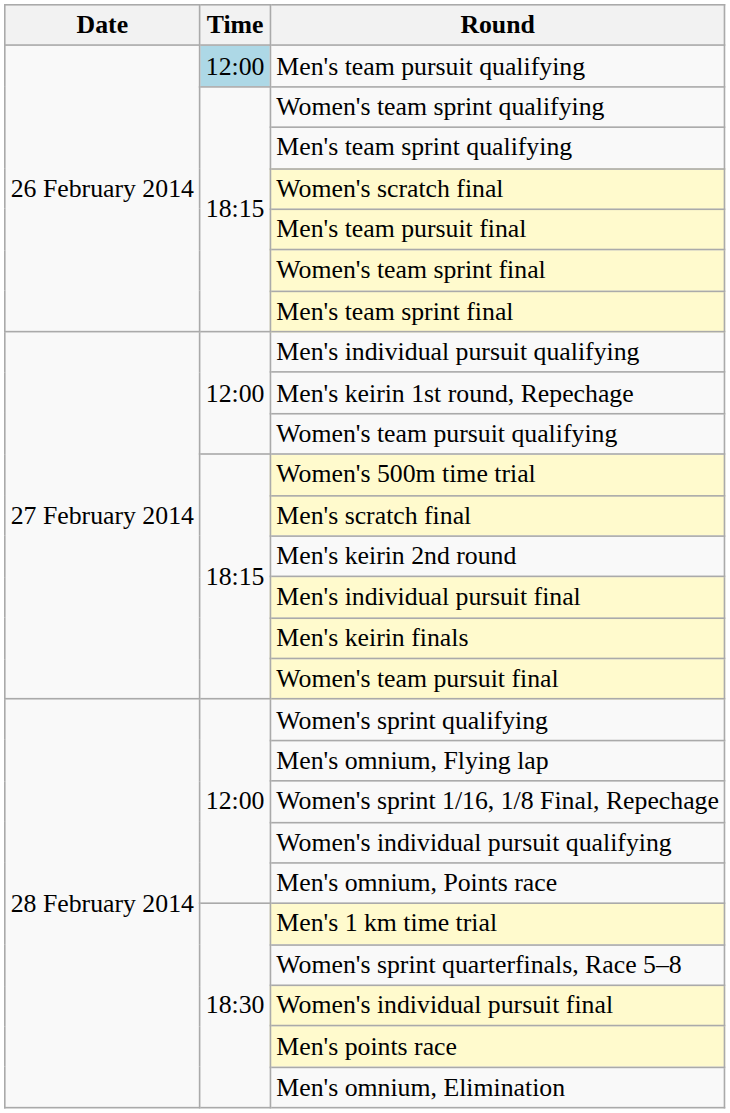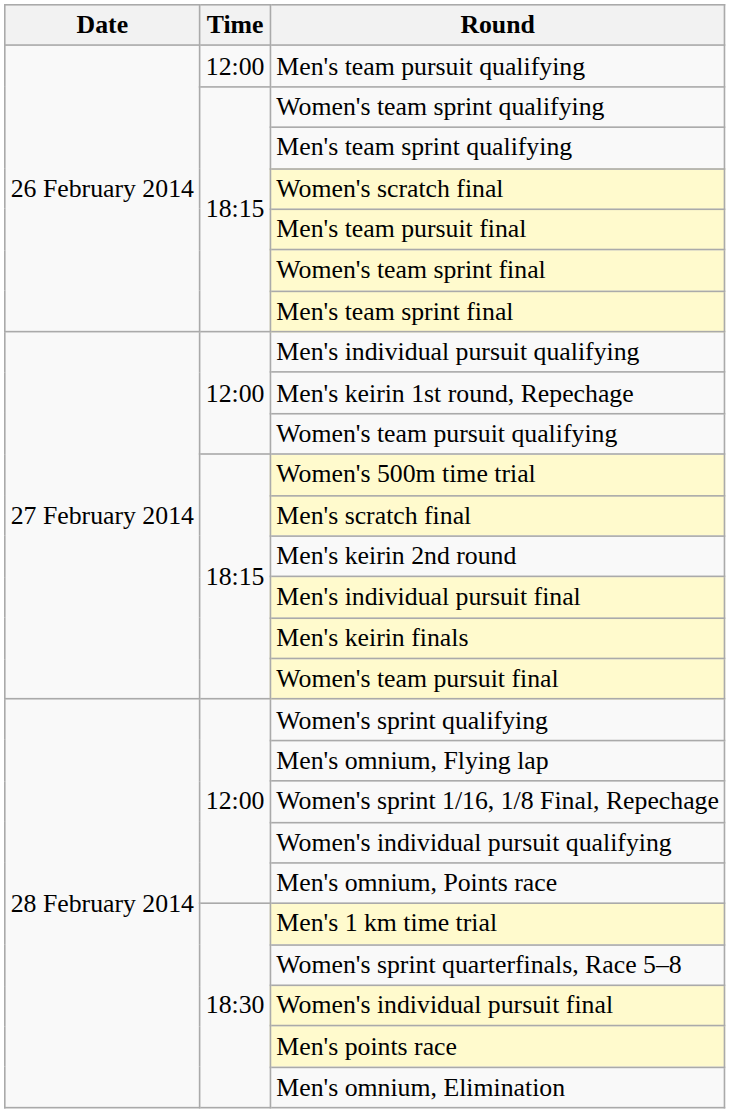 <table class="wikitable">
 <tr>
 <th>Date</th>
 <th>Time</th>
 <th>Round</th>
 </tr>
 <tr>
 <td rowspan=7>26 February 2014</td>
-<td style="background: lightblue;">12:00</td>
+<td>12:00</td>
 <td>Men's team pursuit qualifying</td>
 </tr>
 <tr>
 <td rowspan=6>18:15</td>
 <td>Women's team sprint qualifying</td>
 </tr>
 <tr>
 <td>Men's team sprint qualifying</td>
 </tr>
 <tr>
 <td style="background:lemonchiffon">Women's scratch final</td>
 </tr>
 <tr>
 <td style="background:lemonchiffon">Men's team pursuit final</td>
 </tr>
 <tr>
 <td style="background:lemonchiffon">Women's team sprint final</td>
 </tr>
 <tr>
 <td style="background:lemonchiffon">Men's team sprint final</td>
 </tr>
 <tr>
 <td rowspan=9>27 February 2014</td>
 <td rowspan=3>12:00</td>
 <td>Men's individual pursuit qualifying</td>
 </tr>
 <tr>
 <td>Men's keirin 1st round, Repechage</td>
 </tr>
 <tr>
 <td>Women's team pursuit qualifying</td>
 </tr>
 <tr>
 <td rowspan=6>18:15</td>
 <td style="background:lemonchiffon">Women's 500m time trial</td>
 </tr>
 <tr>
 <td style="background:lemonchiffon">Men's scratch final</td>
 </tr>
 <tr>
 <td>Men's keirin 2nd round</td>
 </tr>
 <tr>
 <td style="background:lemonchiffon">Men's individual pursuit final</td>
 </tr>
 <tr>
 <td style="background:lemonchiffon">Men's keirin finals</td>
 </tr>
 <tr>
 <td style="background:lemonchiffon">Women's team pursuit final</td>
 </tr>
 <tr>
 <td rowspan=10>28 February 2014</td>
 <td rowspan=5>12:00</td>
 <td>Women's sprint qualifying</td>
 </tr>
 <tr>
 <td>Men's omnium, Flying lap</td>
 </tr>
 <tr>
 <td>Women's sprint 1/16, 1/8 Final, Repechage</td>
 </tr>
 <tr>
 <td>Women's individual pursuit qualifying</td>
 </tr>
 <tr>
 <td>Men's omnium, Points race</td>
 </tr>
 <tr>
 <td rowspan=5>18:30</td>
 <td style="background:lemonchiffon">Men's 1 km time trial</td>
 </tr>
 <tr>
 <td>Women's sprint quarterfinals, Race 5–8</td>
 </tr>
 <tr>
 <td style="background:lemonchiffon">Women's individual pursuit final</td>
 </tr>
 <tr>
 <td style="background:lemonchiffon">Men's points race</td>
 </tr>
 <tr>
 <td>Men's omnium, Elimination</td>
 </tr>
 </table>
